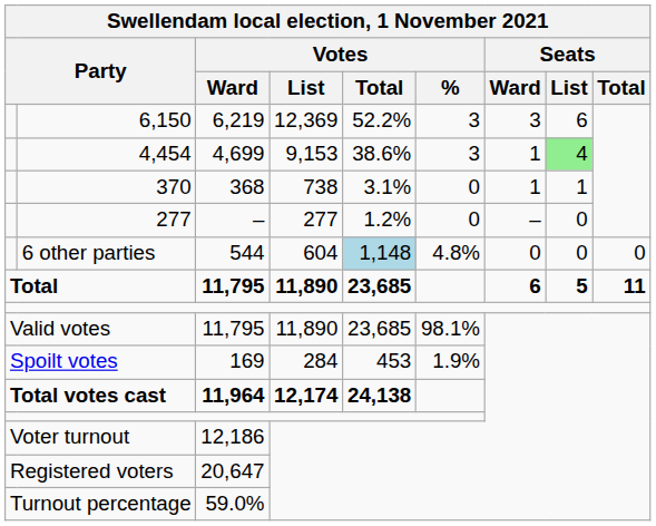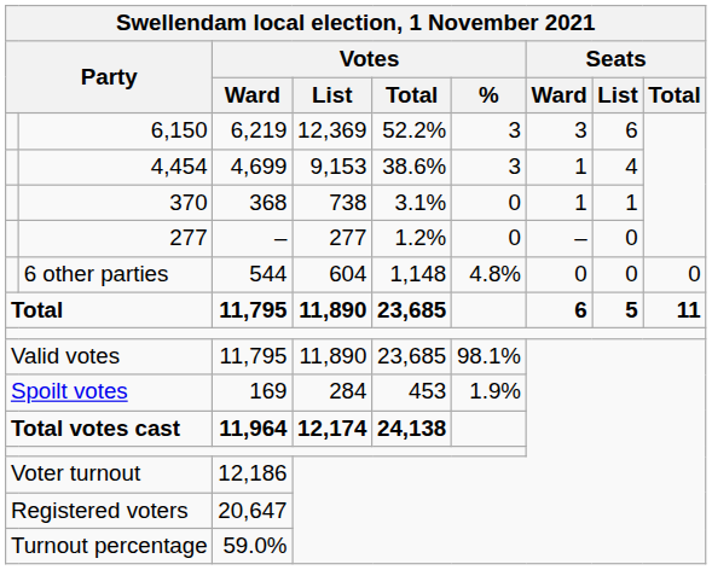 <table class=wikitable style="text-align:right">
 <tr>
 <th colspan="9" align="center">Swellendam local election, 1 November 2021</th>
 </tr>
 <tr>
 <th rowspan="2" colspan="2">Party</th>
 <th colspan="4" align="center">Votes</th>
 <th colspan="3" align="center">Seats</th>
 </tr>
 <tr>
 <th>Ward</th>
 <th>List</th>
 <th>Total</th>
 <th>%</th>
 <th>Ward</th>
 <th>List</th>
 <th>Total</th>
 </tr>
 <tr>
 <td></td>
 <td>6,150</td>
 <td>6,219</td>
 <td>12,369</td>
 <td>52.2%</td>
 <td>3</td>
 <td>3</td>
 <td>6</td>
 </tr>
 <tr>
 <td></td>
 <td>4,454</td>
 <td>4,699</td>
 <td>9,153</td>
 <td>38.6%</td>
 <td>3</td>
 <td>1</td>
-<td style="background: lightgreen;">4</td>
+<td>4</td>
 </tr>
 <tr>
 <td></td>
 <td>370</td>
 <td>368</td>
 <td>738</td>
 <td>3.1%</td>
 <td>0</td>
 <td>1</td>
 <td>1</td>
 </tr>
 <tr>
 <td></td>
 <td>277</td>
 <td>–</td>
 <td>277</td>
 <td>1.2%</td>
 <td>0</td>
 <td>–</td>
 <td>0</td>
 </tr>
 <tr>
 <td></td>
 <td style="text-align:left">6 other parties</td>
 <td>544</td>
 <td>604</td>
-<td style="background: lightblue;">1,148</td>
+<td>1,148</td>
 <td>4.8%</td>
 <td>0</td>
 <td>0</td>
 <td>0</td>
 </tr>
 <tr>
 <td colspan="2" style="text-align:left"><strong>Total</strong></td>
 <td><strong>11,795</strong></td>
 <td><strong>11,890</strong></td>
 <td><strong>23,685</strong></td>
 <td></td>
 <td><strong>6</strong></td>
 <td><strong>5</strong></td>
 <td><strong>11</strong></td>
 </tr>
 <tr>
 <td colspan="9"></td>
 </tr>
 <tr>
 <td colspan="2" style="text-align:left">Valid votes</td>
 <td>11,795</td>
 <td>11,890</td>
 <td>23,685</td>
 <td>98.1%</td>
 </tr>
 <tr>
 <td colspan="2" style="text-align:left"><a href='#'>Spoilt votes</a></td>
 <td>169</td>
 <td>284</td>
 <td>453</td>
 <td>1.9%</td>
 </tr>
 <tr>
 <td colspan="2" style="text-align:left"><strong>Total votes cast</strong></td>
 <td><strong>11,964</strong></td>
 <td><strong>12,174</strong></td>
 <td><strong>24,138</strong></td>
 <td></td>
 </tr>
 <tr>
 <td colspan="6"></td>
 </tr>
 <tr>
 <td colspan="2" style="text-align:left">Voter turnout</td>
 <td>12,186</td>
 </tr>
 <tr>
 <td colspan="2" style="text-align:left">Registered voters</td>
 <td>20,647</td>
 </tr>
 <tr>
 <td colspan="2" style="text-align:left">Turnout percentage</td>
 <td>59.0%</td>
 </tr>
 </table>
